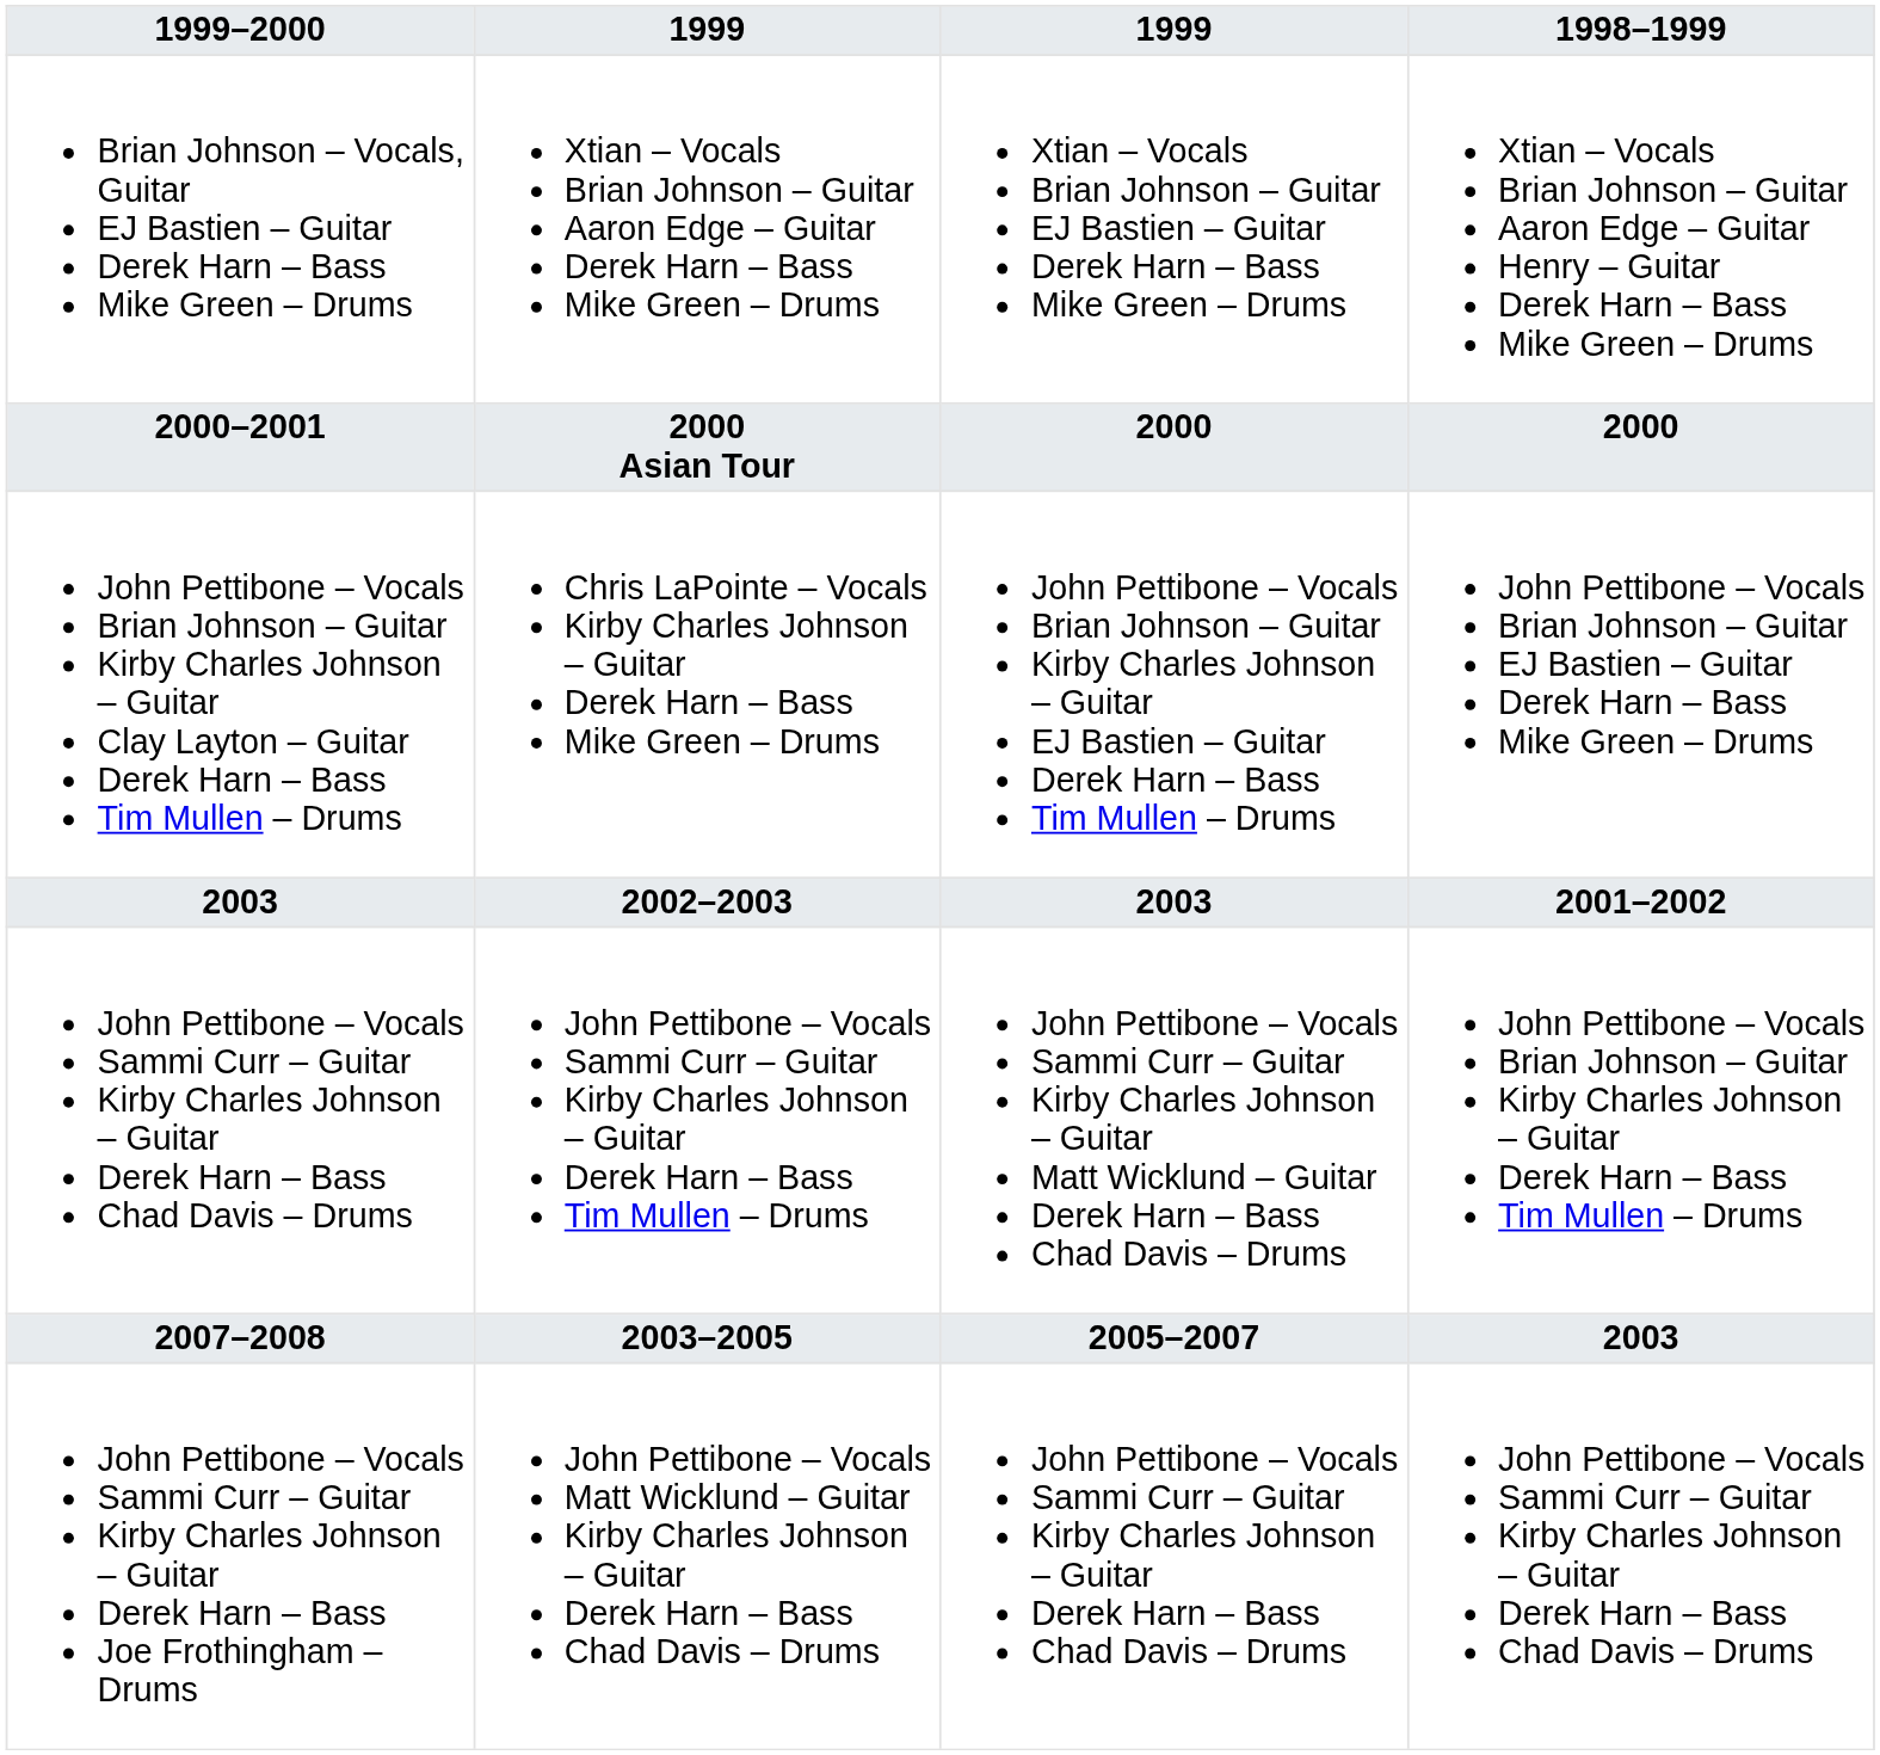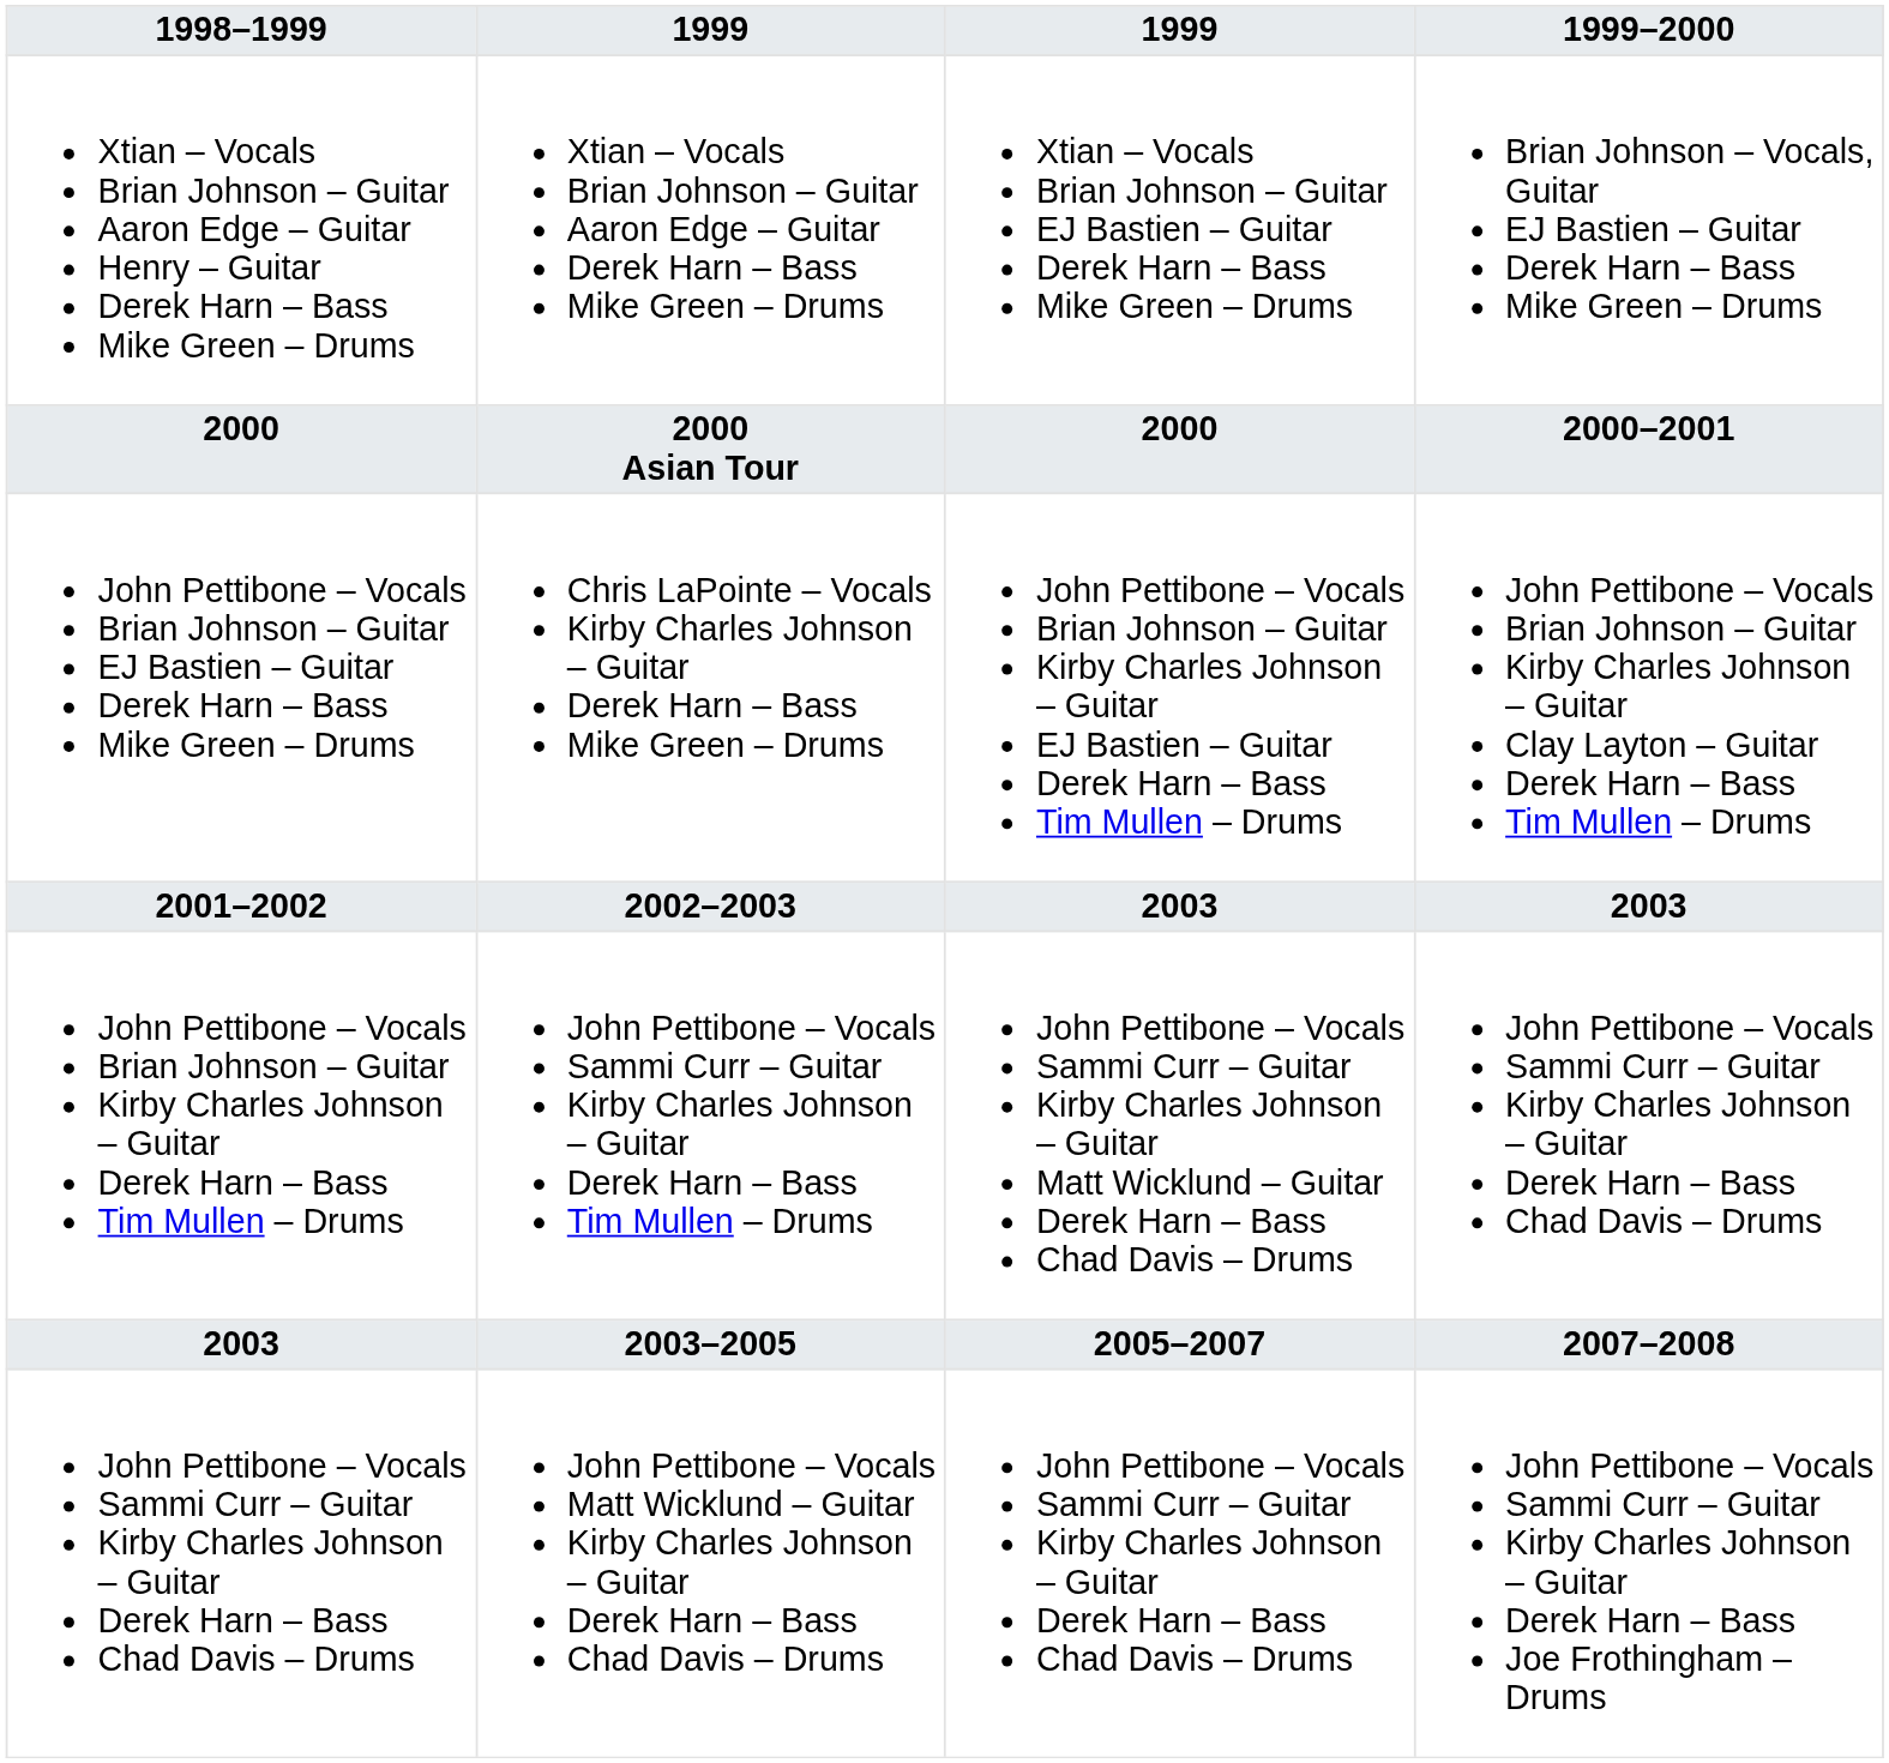 <table class="toccolours" border=1 cellpadding=2 cellspacing=0 style="float: width: 375px; margin: 0 0 1em 1em; border-collapse: collapse; border: 1px solid #E2E2E2;" width=99%>
 <tr>
-<th bgcolor="#E7EBEE" valign=top width=25%>1999–2000</th>
+<th bgcolor="#E7EBEE" valign=top width=25%>1998–1999</th>
 <th bgcolor="#E7EBEE" valign=top width=25%>1999</th>
 <th bgcolor="#E7EBEE" valign=top width=25%>1999</th>
-<th bgcolor="#E7EBEE" valign=top width=25%>1998–1999</th>
+<th bgcolor="#E7EBEE" valign=top width=25%>1999–2000</th>
 </tr>
 <tr>
-<td valign=top><br><ul><li>Brian Johnson – Vocals, Guitar</li><li>EJ Bastien – Guitar</li><li>Derek Harn – Bass</li><li>Mike Green – Drums</li></ul></td>
+<td valign=top><br><ul><li>Xtian – Vocals</li><li>Brian Johnson – Guitar</li><li>Aaron Edge – Guitar</li><li>Henry – Guitar</li><li>Derek Harn – Bass</li><li>Mike Green – Drums</li></ul></td>
 <td valign=top><br><ul><li>Xtian – Vocals</li><li>Brian Johnson – Guitar</li><li>Aaron Edge – Guitar</li><li>Derek Harn – Bass</li><li>Mike Green – Drums</li></ul></td>
 <td valign=top><br><ul><li>Xtian – Vocals</li><li>Brian Johnson – Guitar</li><li>EJ Bastien – Guitar</li><li>Derek Harn – Bass</li><li>Mike Green – Drums</li></ul></td>
-<td valign=top><br><ul><li>Xtian – Vocals</li><li>Brian Johnson – Guitar</li><li>Aaron Edge – Guitar</li><li>Henry – Guitar</li><li>Derek Harn – Bass</li><li>Mike Green – Drums</li></ul></td>
+<td valign=top><br><ul><li>Brian Johnson – Vocals, Guitar</li><li>EJ Bastien – Guitar</li><li>Derek Harn – Bass</li><li>Mike Green – Drums</li></ul></td>
 </tr>
 <tr>
-<th bgcolor="#E7EBEE" valign=top width=25%>2000–2001</th>
+<th bgcolor="#E7EBEE" valign=top width=25%>2000</th>
 <th bgcolor="#E7EBEE" valign=top width=25%>2000<br>Asian Tour</th>
 <th bgcolor="#E7EBEE" valign=top width=25%>2000</th>
-<th bgcolor="#E7EBEE" valign=top width=25%>2000</th>
+<th bgcolor="#E7EBEE" valign=top width=25%>2000–2001</th>
 </tr>
 <tr>
-<td valign=top><br><ul><li>John Pettibone – Vocals</li><li>Brian Johnson – Guitar</li><li>Kirby Charles Johnson – Guitar</li><li>Clay Layton – Guitar</li><li>Derek Harn – Bass</li><li><a href='#'>Tim Mullen</a> – Drums</li></ul></td>
+<td valign=top><br><ul><li>John Pettibone – Vocals</li><li>Brian Johnson – Guitar</li><li>EJ Bastien – Guitar</li><li>Derek Harn – Bass</li><li>Mike Green – Drums</li></ul></td>
 <td valign=top><br><ul><li>Chris LaPointe – Vocals</li><li>Kirby Charles Johnson – Guitar</li><li>Derek Harn – Bass</li><li>Mike Green – Drums</li></ul></td>
 <td valign=top><br><ul><li>John Pettibone – Vocals</li><li>Brian Johnson – Guitar</li><li>Kirby Charles Johnson – Guitar</li><li>EJ Bastien – Guitar</li><li>Derek Harn – Bass</li><li><a href='#'>Tim Mullen</a> – Drums</li></ul></td>
-<td valign=top><br><ul><li>John Pettibone – Vocals</li><li>Brian Johnson – Guitar</li><li>EJ Bastien – Guitar</li><li>Derek Harn – Bass</li><li>Mike Green – Drums</li></ul></td>
+<td valign=top><br><ul><li>John Pettibone – Vocals</li><li>Brian Johnson – Guitar</li><li>Kirby Charles Johnson – Guitar</li><li>Clay Layton – Guitar</li><li>Derek Harn – Bass</li><li><a href='#'>Tim Mullen</a> – Drums</li></ul></td>
+</tr>
+<tr>
+<th bgcolor="#E7EBEE" valign=top width=25%>2001–2002</th>
+<th bgcolor="#E7EBEE" valign=top width=25%>2002–2003</th>
+<th bgcolor="#E7EBEE" valign=top width=25%>2003</th>
+<th bgcolor="#E7EBEE" valign=top width=25%>2003</th>
+</tr>
+<tr>
+<td valign=top><br><ul><li>John Pettibone – Vocals</li><li>Brian Johnson – Guitar</li><li>Kirby Charles Johnson – Guitar</li><li>Derek Harn – Bass</li><li><a href='#'>Tim Mullen</a> – Drums</li></ul></td>
+<td valign=top><br><ul><li>John Pettibone – Vocals</li><li>Sammi Curr – Guitar</li><li>Kirby Charles Johnson – Guitar</li><li>Derek Harn – Bass</li><li><a href='#'>Tim Mullen</a> – Drums</li></ul></td>
+<td valign=top><br><ul><li>John Pettibone – Vocals</li><li>Sammi Curr – Guitar</li><li>Kirby Charles Johnson – Guitar</li><li>Matt Wicklund – Guitar</li><li>Derek Harn – Bass</li><li>Chad Davis – Drums</li></ul></td>
+<td valign=top><br><ul><li>John Pettibone – Vocals</li><li>Sammi Curr – Guitar</li><li>Kirby Charles Johnson – Guitar</li><li>Derek Harn – Bass</li><li>Chad Davis – Drums</li></ul></td>
 </tr>
 <tr>
 <th bgcolor="#E7EBEE" valign=top width=25%>2003</th>
-<th bgcolor="#E7EBEE" valign=top width=25%>2002–2003</th>
-<th bgcolor="#E7EBEE" valign=top width=25%>2003</th>
-<th bgcolor="#E7EBEE" valign=top width=25%>2001–2002</th>
+<th bgcolor="#E7EBEE" valign=top width=25%>2003–2005</th>
+<th bgcolor="#E7EBEE" valign=top width=25%>2005–2007</th>
+<th bgcolor="#E7EBEE" valign=top width=25%>2007–2008</th>
 </tr>
 <tr>
 <td valign=top><br><ul><li>John Pettibone – Vocals</li><li>Sammi Curr – Guitar</li><li>Kirby Charles Johnson – Guitar</li><li>Derek Harn – Bass</li><li>Chad Davis – Drums</li></ul></td>
-<td valign=top><br><ul><li>John Pettibone – Vocals</li><li>Sammi Curr – Guitar</li><li>Kirby Charles Johnson – Guitar</li><li>Derek Harn – Bass</li><li><a href='#'>Tim Mullen</a> – Drums</li></ul></td>
-<td valign=top><br><ul><li>John Pettibone – Vocals</li><li>Sammi Curr – Guitar</li><li>Kirby Charles Johnson – Guitar</li><li>Matt Wicklund – Guitar</li><li>Derek Harn – Bass</li><li>Chad Davis – Drums</li></ul></td>
-<td valign=top><br><ul><li>John Pettibone – Vocals</li><li>Brian Johnson – Guitar</li><li>Kirby Charles Johnson – Guitar</li><li>Derek Harn – Bass</li><li><a href='#'>Tim Mullen</a> – Drums</li></ul></td>
-</tr>
-<tr>
-<th bgcolor="#E7EBEE" valign=top width=25%>2007–2008</th>
-<th bgcolor="#E7EBEE" valign=top width=25%>2003–2005</th>
-<th bgcolor="#E7EBEE" valign=top width=25%>2005–2007</th>
-<th bgcolor="#E7EBEE" valign=top width=25%>2003</th>
-</tr>
-<tr>
-<td valign=top><br><ul><li>John Pettibone – Vocals</li><li>Sammi Curr – Guitar</li><li>Kirby Charles Johnson – Guitar</li><li>Derek Harn – Bass</li><li>Joe Frothingham – Drums</li></ul></td>
 <td valign=top><br><ul><li>John Pettibone – Vocals</li><li>Matt Wicklund – Guitar</li><li>Kirby Charles Johnson – Guitar</li><li>Derek Harn – Bass</li><li>Chad Davis – Drums</li></ul></td>
 <td valign=top><br><ul><li>John Pettibone – Vocals</li><li>Sammi Curr – Guitar</li><li>Kirby Charles Johnson – Guitar</li><li>Derek Harn – Bass</li><li>Chad Davis – Drums</li></ul></td>
-<td valign=top><br><ul><li>John Pettibone – Vocals</li><li>Sammi Curr – Guitar</li><li>Kirby Charles Johnson – Guitar</li><li>Derek Harn – Bass</li><li>Chad Davis – Drums</li></ul></td>
+<td valign=top><br><ul><li>John Pettibone – Vocals</li><li>Sammi Curr – Guitar</li><li>Kirby Charles Johnson – Guitar</li><li>Derek Harn – Bass</li><li>Joe Frothingham – Drums</li></ul></td>
 </tr>
 </table>
